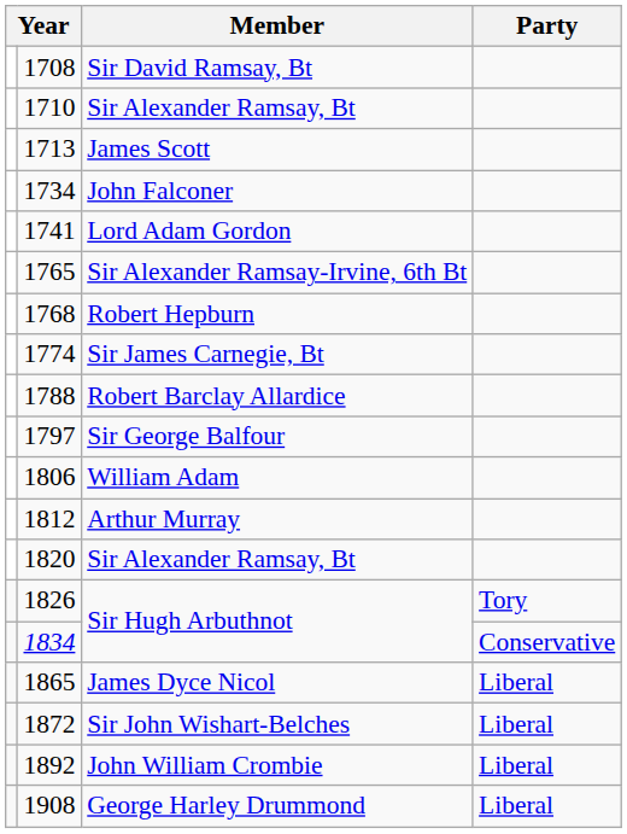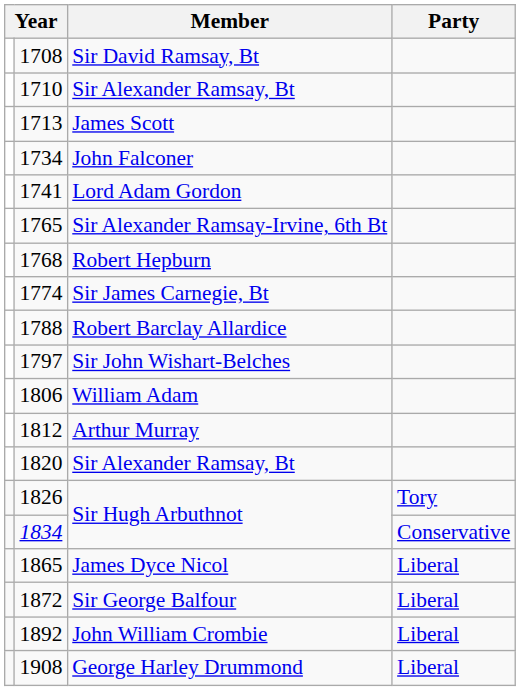 <table class="wikitable">
 <tr>
 <th colspan="2">Year</th>
 <th>Member</th>
 <th>Party</th>
 </tr>
 <tr>
 <td style="color:inherit;background-color: white"></td>
 <td>1708</td>
 <td><a href='#'>Sir David Ramsay, Bt</a></td>
 <td></td>
 </tr>
 <tr>
 <td style="color:inherit;background-color: white"></td>
 <td>1710</td>
 <td><a href='#'>Sir Alexander Ramsay, Bt</a></td>
 <td></td>
 </tr>
 <tr>
 <td style="color:inherit;background-color: white"></td>
 <td>1713</td>
 <td><a href='#'>James Scott</a></td>
 <td></td>
 </tr>
 <tr>
 <td style="color:inherit;background-color: white"></td>
 <td>1734</td>
 <td><a href='#'>John Falconer</a></td>
 <td></td>
 </tr>
 <tr>
 <td style="color:inherit;background-color: white"></td>
 <td>1741</td>
 <td><a href='#'>Lord Adam Gordon</a></td>
 <td></td>
 </tr>
 <tr>
 <td style="color:inherit;background-color: white"></td>
 <td>1765</td>
 <td><a href='#'>Sir Alexander Ramsay-Irvine, 6th Bt</a></td>
 <td></td>
 </tr>
 <tr>
 <td style="color:inherit;background-color: white"></td>
 <td>1768</td>
 <td><a href='#'>Robert Hepburn</a></td>
 <td></td>
 </tr>
 <tr>
 <td style="color:inherit;background-color: white"></td>
 <td>1774</td>
 <td><a href='#'>Sir James Carnegie, Bt</a></td>
 <td></td>
 </tr>
 <tr>
 <td style="color:inherit;background-color: white"></td>
 <td>1788</td>
 <td><a href='#'>Robert Barclay Allardice</a></td>
 <td></td>
 </tr>
 <tr>
 <td style="color:inherit;background-color: white"></td>
 <td>1797</td>
-<td><a href='#'>Sir George Balfour</a></td>
+<td><a href='#'>Sir John Wishart-Belches</a></td>
 <td></td>
 </tr>
 <tr>
 <td style="color:inherit;background-color: white"></td>
 <td>1806</td>
 <td><a href='#'>William Adam</a></td>
 <td></td>
 </tr>
 <tr>
 <td style="color:inherit;background-color: white"></td>
 <td>1812</td>
 <td><a href='#'>Arthur Murray</a></td>
 <td></td>
 </tr>
 <tr>
 <td style="color:inherit;background-color: white"></td>
 <td>1820</td>
 <td><a href='#'>Sir Alexander Ramsay, Bt</a></td>
 <td></td>
 </tr>
 <tr>
 <td style="color:inherit;background-color: "></td>
 <td>1826</td>
 <td rowspan="2"><a href='#'>Sir Hugh Arbuthnot</a></td>
 <td><a href='#'>Tory</a></td>
 </tr>
 <tr>
 <td style="color:inherit;background-color: "></td>
 <td><em><a href='#'>1834</a></em></td>
 <td><a href='#'>Conservative</a></td>
 </tr>
 <tr>
 <td style="color:inherit;background-color: "></td>
 <td>1865</td>
 <td><a href='#'>James Dyce Nicol</a></td>
 <td><a href='#'>Liberal</a></td>
 </tr>
 <tr>
 <td style="color:inherit;background-color: "></td>
 <td>1872</td>
-<td><a href='#'>Sir John Wishart-Belches</a></td>
+<td><a href='#'>Sir George Balfour</a></td>
 <td><a href='#'>Liberal</a></td>
 </tr>
 <tr>
 <td style="color:inherit;background-color: "></td>
 <td>1892</td>
 <td><a href='#'>John William Crombie</a></td>
 <td><a href='#'>Liberal</a></td>
 </tr>
 <tr>
 <td style="color:inherit;background-color: "></td>
 <td>1908</td>
 <td><a href='#'>George Harley Drummond</a></td>
 <td><a href='#'>Liberal</a></td>
 </tr>
 </table>
